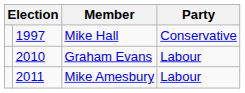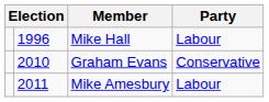 <table class="wikitable">
 <tr>
 <th colspan="2">Election</th>
 <th>Member</th>
 <th>Party</th>
 </tr>
 <tr>
 <td style="color:inherit;background-color: "></td>
-<td><a href='#'>1997</a></td>
+<td><a href='#'>1996</a></td>
 <td><a href='#'>Mike Hall</a></td>
-<td><a href='#'>Conservative</a></td>
+<td><a href='#'>Labour</a></td>
 </tr>
 <tr>
 <td style="color:inherit;background-color: "></td>
 <td><a href='#'>2010</a></td>
 <td><a href='#'>Graham Evans</a></td>
-<td><a href='#'>Labour</a></td>
+<td><a href='#'>Conservative</a></td>
 </tr>
 <tr>
 <td style="color:inherit;background-color: "></td>
 <td><a href='#'>2011</a></td>
 <td><a href='#'>Mike Amesbury</a></td>
 <td><a href='#'>Labour</a></td>
 </tr>
 </table>
